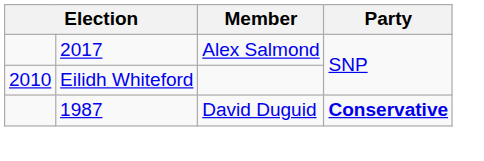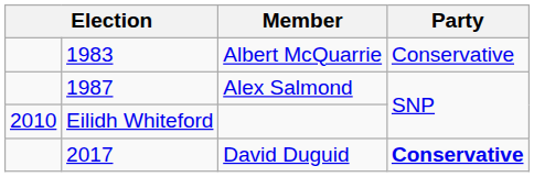 <table class="wikitable">
 <tr>
 <th colspan="2">Election</th>
 <th>Member</th>
 <th>Party</th>
 </tr>
 <tr>
 <td style="color:inherit;background-color: "></td>
-<td><a href='#'>2017</a></td>
+<td><a href='#'>1983</a></td>
+<td><a href='#'>Albert McQuarrie</a></td>
+<td><a href='#'>Conservative</a></td>
+</tr>
+<tr>
+<td style="color:inherit;background-color: "></td>
+<td><a href='#'>1987</a></td>
 <td><a href='#'>Alex Salmond</a></td>
 <td rowspan="2"><a href='#'>SNP</a></td>
 </tr>
 <tr>
 <td><a href='#'>2010</a></td>
 <td><a href='#'>Eilidh Whiteford</a></td>
 </tr>
 <tr>
 <td style="color:inherit;background-color: "></td>
-<td><a href='#'>1987</a></td>
+<td><a href='#'>2017</a></td>
 <td><a href='#'>David Duguid</a></td>
 <td><strong><a href='#'>Conservative</a></strong></td>
 </tr>
 </table>
